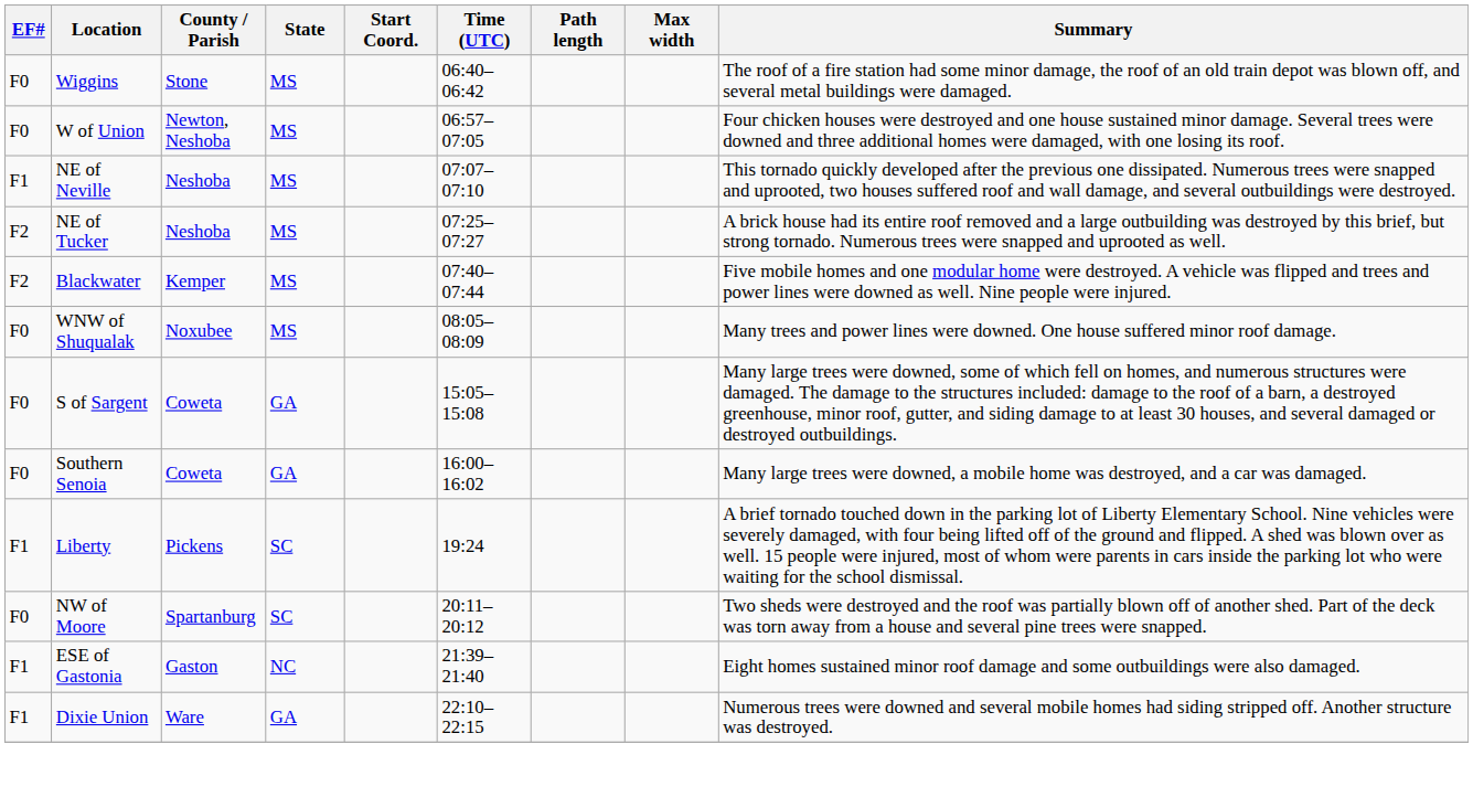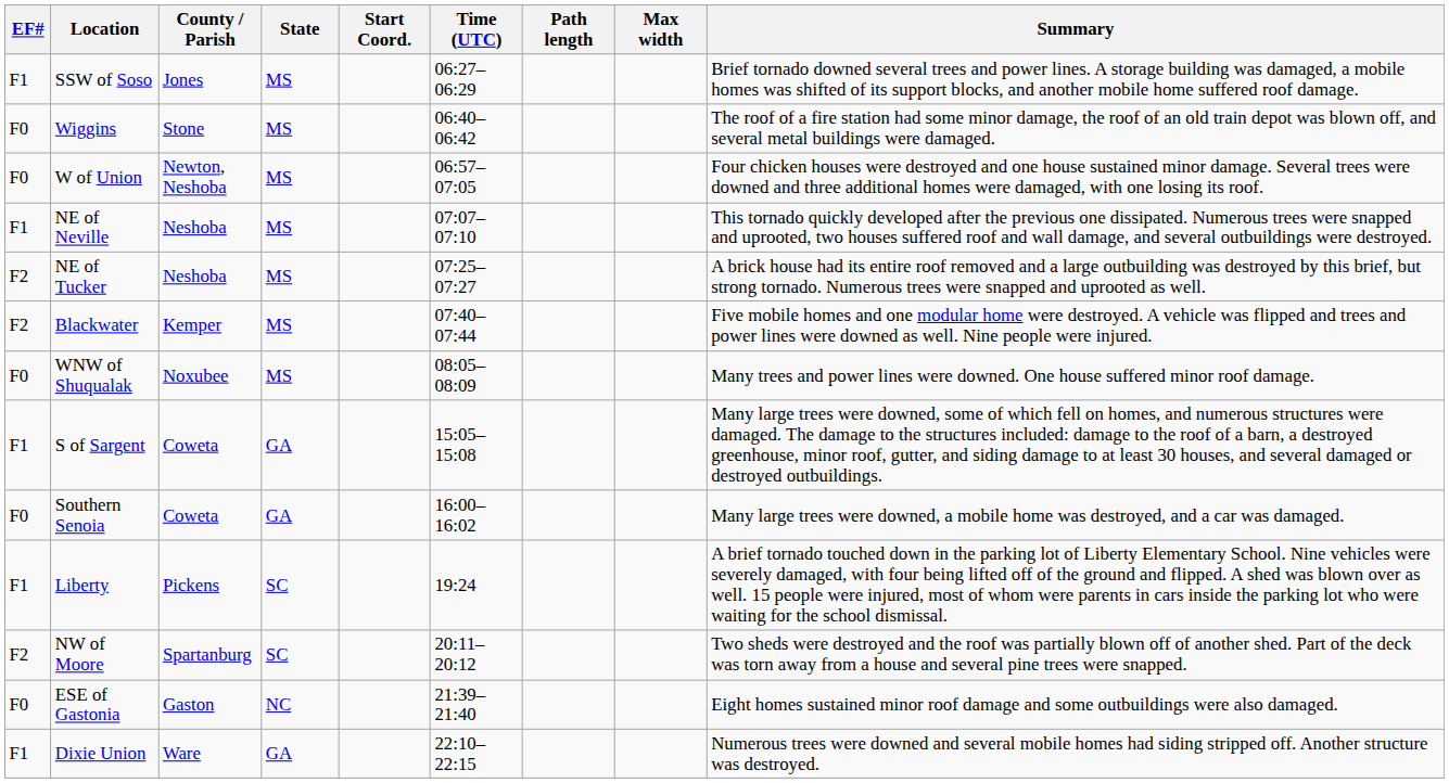 <table class="wikitable sortable" style="width:100%;">
 <tr>
 <th scope="col"  style="width:3%; text-align:center;"><a href='#'>EF#</a></th>
 <th scope="col"  style="width:7%; text-align:center;" class="unsortable">Location</th>
 <th scope="col"  style="width:6%; text-align:center;" class="unsortable">County / Parish</th>
 <th scope="col"  style="width:5%; text-align:center;">State</th>
 <th scope="col"  style="width:6%; text-align:center;">Start Coord.</th>
 <th scope="col"  style="width:6%; text-align:center;">Time (<a href='#'>UTC</a>)</th>
 <th scope="col"  style="width:6%; text-align:center;">Path length</th>
 <th scope="col"  style="width:6%; text-align:center;">Max width</th>
 <th scope="col" class="unsortable" style="width:48%; text-align:center;">Summary</th>
+</tr>
+<tr>
+<td>F1</td>
+<td>SSW of <a href='#'>Soso</a></td>
+<td><a href='#'>Jones</a></td>
+<td><a href='#'>MS</a></td>
+<td></td>
+<td>06:27–06:29</td>
+<td></td>
+<td></td>
+<td>Brief tornado downed several trees and power lines. A storage building was damaged, a mobile homes was shifted of its support blocks, and another mobile home suffered roof damage.</td>
 </tr>
 <tr>
 <td>F0</td>
 <td><a href='#'>Wiggins</a></td>
 <td><a href='#'>Stone</a></td>
 <td><a href='#'>MS</a></td>
 <td></td>
 <td>06:40–06:42</td>
 <td></td>
 <td></td>
 <td>The roof of a fire station had some minor damage, the roof of an old train depot was blown off, and several metal buildings were damaged.</td>
 </tr>
 <tr>
 <td>F0</td>
 <td>W of <a href='#'>Union</a></td>
 <td><a href='#'>Newton</a>, <a href='#'>Neshoba</a></td>
 <td><a href='#'>MS</a></td>
 <td></td>
 <td>06:57–07:05</td>
 <td></td>
 <td></td>
 <td>Four chicken houses were destroyed and one house sustained minor damage. Several trees were downed and three additional homes were damaged, with one losing its roof.</td>
 </tr>
 <tr>
 <td>F1</td>
 <td>NE of <a href='#'>Neville</a></td>
 <td><a href='#'>Neshoba</a></td>
 <td><a href='#'>MS</a></td>
 <td></td>
 <td>07:07–07:10</td>
 <td></td>
 <td></td>
 <td>This tornado quickly developed after the previous one dissipated. Numerous trees were snapped and uprooted, two houses suffered roof and wall damage, and several outbuildings were destroyed.</td>
 </tr>
 <tr>
 <td>F2</td>
 <td>NE of <a href='#'>Tucker</a></td>
 <td><a href='#'>Neshoba</a></td>
 <td><a href='#'>MS</a></td>
 <td></td>
 <td>07:25–07:27</td>
 <td></td>
 <td></td>
 <td>A brick house had its entire roof removed and a large outbuilding was destroyed by this brief, but strong tornado. Numerous trees were snapped and uprooted as well.</td>
 </tr>
 <tr>
 <td>F2</td>
 <td><a href='#'>Blackwater</a></td>
 <td><a href='#'>Kemper</a></td>
 <td><a href='#'>MS</a></td>
 <td></td>
 <td>07:40–07:44</td>
 <td></td>
 <td></td>
 <td>Five mobile homes and one <a href='#'>modular home</a> were destroyed. A vehicle was flipped and trees and power lines were downed as well. Nine people were injured.</td>
 </tr>
 <tr>
 <td>F0</td>
 <td>WNW of <a href='#'>Shuqualak</a></td>
 <td><a href='#'>Noxubee</a></td>
 <td><a href='#'>MS</a></td>
 <td></td>
 <td>08:05–08:09</td>
 <td></td>
 <td></td>
 <td>Many trees and power lines were downed. One house suffered minor roof damage.</td>
 </tr>
 <tr>
-<td>F0</td>
+<td>F1</td>
 <td>S of <a href='#'>Sargent</a></td>
 <td><a href='#'>Coweta</a></td>
 <td><a href='#'>GA</a></td>
 <td></td>
 <td>15:05–15:08</td>
 <td></td>
 <td></td>
 <td>Many large trees were downed, some of which fell on homes, and numerous structures were damaged. The damage to the structures included: damage to the roof of a barn, a destroyed greenhouse, minor roof, gutter, and siding damage to at least 30 houses, and several damaged or destroyed outbuildings.</td>
 </tr>
 <tr>
 <td>F0</td>
 <td>Southern <a href='#'>Senoia</a></td>
 <td><a href='#'>Coweta</a></td>
 <td><a href='#'>GA</a></td>
 <td></td>
 <td>16:00–16:02</td>
 <td></td>
 <td></td>
 <td>Many large trees were downed, a mobile home was destroyed, and a car was damaged.</td>
 </tr>
 <tr>
 <td>F1</td>
 <td><a href='#'>Liberty</a></td>
 <td><a href='#'>Pickens</a></td>
 <td><a href='#'>SC</a></td>
 <td></td>
 <td>19:24</td>
 <td></td>
 <td></td>
 <td>A brief tornado touched down in the parking lot of Liberty Elementary School. Nine vehicles were severely damaged, with four being lifted off of the ground and flipped. A shed was blown over as well. 15 people were injured, most of whom were parents in cars inside the parking lot who were waiting for the school dismissal.</td>
 </tr>
 <tr>
-<td>F0</td>
+<td>F2</td>
 <td>NW of <a href='#'>Moore</a></td>
 <td><a href='#'>Spartanburg</a></td>
 <td><a href='#'>SC</a></td>
 <td></td>
 <td>20:11–20:12</td>
 <td></td>
 <td></td>
 <td>Two sheds were destroyed and the roof was partially blown off of another shed. Part of the deck was torn away from a house and several pine trees were snapped.</td>
 </tr>
 <tr>
-<td>F1</td>
+<td>F0</td>
 <td>ESE of <a href='#'>Gastonia</a></td>
 <td><a href='#'>Gaston</a></td>
 <td><a href='#'>NC</a></td>
 <td></td>
 <td>21:39–21:40</td>
 <td></td>
 <td></td>
 <td>Eight homes sustained minor roof damage and some outbuildings were also damaged.</td>
 </tr>
 <tr>
 <td>F1</td>
 <td><a href='#'>Dixie Union</a></td>
 <td><a href='#'>Ware</a></td>
 <td><a href='#'>GA</a></td>
 <td></td>
 <td>22:10–22:15</td>
 <td></td>
 <td></td>
 <td>Numerous trees were downed and several mobile homes had siding stripped off. Another structure was destroyed.</td>
 </tr>
 <tr>
 </tr>
 </table>
